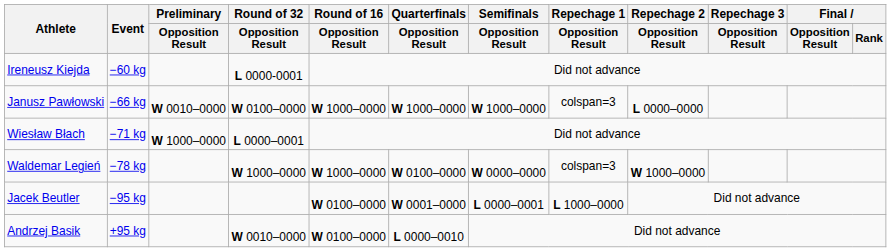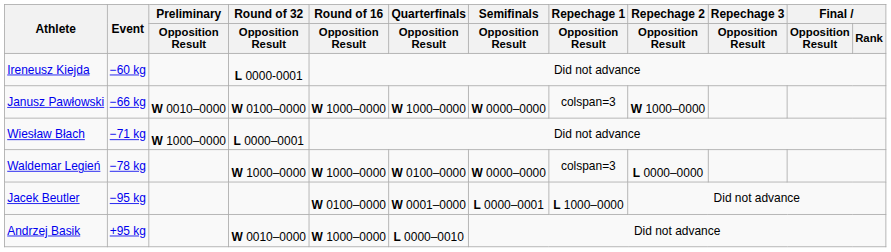 <table class="wikitable" style="font-size:90%">
 <tr>
 <th rowspan="2">Athlete</th>
 <th rowspan="2">Event</th>
 <th>Preliminary</th>
 <th>Round of 32</th>
 <th>Round of 16</th>
 <th>Quarterfinals</th>
 <th>Semifinals</th>
 <th>Repechage 1</th>
 <th>Repechage 2</th>
 <th>Repechage 3</th>
 <th colspan=2>Final / </th>
 </tr>
 <tr style="font-size:95%">
 <th>Opposition<br>Result</th>
 <th>Opposition<br>Result</th>
 <th>Opposition<br>Result</th>
 <th>Opposition<br>Result</th>
 <th>Opposition<br>Result</th>
 <th>Opposition<br>Result</th>
 <th>Opposition<br>Result</th>
 <th>Opposition<br>Result</th>
 <th>Opposition<br>Result</th>
 <th>Rank</th>
 </tr>
 <tr align=center>
 <td align=left><a href='#'>Ireneusz Kiejda</a></td>
 <td align=left><a href='#'>−60 kg</a></td>
 <td></td>
 <td><br><strong>L</strong> 0000-0001</td>
 <td colspan=8>Did not advance</td>
 </tr>
 <tr align=center>
 <td align=left><a href='#'>Janusz Pawłowski</a></td>
 <td align=left><a href='#'>−66 kg</a></td>
 <td><br><strong>W</strong> 0010–0000</td>
 <td><br><strong>W</strong> 0100–0000</td>
 <td><br><strong>W</strong> 1000–0000</td>
 <td><br><strong>W</strong> 1000–0000</td>
+<td><br><strong>W</strong> 0000–0000</td>
+<td>colspan=3 </td>
 <td><br><strong>W</strong> 1000–0000</td>
-<td>colspan=3 </td>
-<td><br><strong>L</strong> 0000–0000</td>
 <td></td>
 </tr>
 <tr align=center>
 <td align=left><a href='#'>Wiesław Błach</a></td>
 <td align=left><a href='#'>−71 kg</a></td>
 <td><br><strong>W</strong> 1000–0000</td>
 <td><br><strong>L</strong> 0000–0001</td>
 <td colspan=8>Did not advance</td>
 </tr>
 <tr align=center>
 <td align=left><a href='#'>Waldemar Legień</a></td>
 <td align=left><a href='#'>−78 kg</a></td>
 <td></td>
 <td><br><strong>W</strong> 1000–0000</td>
 <td><br><strong>W</strong> 1000–0000</td>
 <td><br><strong>W</strong> 0100–0000</td>
 <td><br><strong>W</strong> 0000–0000</td>
 <td>colspan=3 </td>
-<td><br><strong>W</strong> 1000–0000</td>
+<td><br><strong>L</strong> 0000–0000</td>
 <td></td>
 </tr>
 <tr align=center>
 <td align=left><a href='#'>Jacek Beutler</a></td>
 <td align=left><a href='#'>−95 kg</a></td>
 <td></td>
 <td></td>
 <td><br><strong>W</strong> 0100–0000</td>
 <td><br><strong>W</strong> 0001–0000</td>
 <td><br><strong>L</strong> 0000–0001</td>
 <td><br><strong>L</strong> 1000–0000</td>
 <td colspan=5>Did not advance</td>
 </tr>
 <tr align=center>
 <td align=left><a href='#'>Andrzej Basik</a></td>
 <td align=left><a href='#'>+95 kg</a></td>
 <td></td>
 <td><br><strong>W</strong> 0010–0000</td>
-<td><br><strong>W</strong> 0100–0000</td>
+<td><br><strong>W</strong> 1000–0000</td>
 <td><br><strong>L</strong> 0000–0010</td>
 <td colspan=7>Did not advance</td>
 </tr>
 </table>
